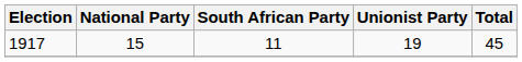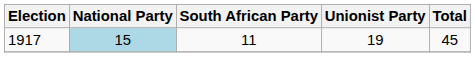 <table class="wikitable">
 <tr>
 <th><strong>Election</strong></th>
 <th><strong>National Party</strong></th>
 <th><strong>South African Party</strong></th>
 <th><strong>Unionist Party</strong></th>
 <th><strong>Total</strong></th>
 </tr>
 <tr>
 <td>1917</td>
-<td align="center">15</td>
+<td align="center" style="background: lightblue;">15</td>
 <td align="center">11</td>
 <td align="center">19</td>
 <td align="center">45 </td>
 </tr>
 <tr>
 </tr>
 </table>
